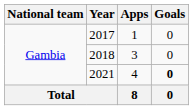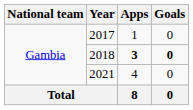 <table class="wikitable" style="text-align:center">
 <tr>
 <th>National team</th>
 <th>Year</th>
 <th>Apps</th>
 <th>Goals</th>
 </tr>
 <tr>
 <td rowspan="3"><a href='#'>Gambia</a></td>
 <td>2017</td>
 <td>1</td>
 <td>0</td>
 </tr>
 <tr>
 <td>2018</td>
-<td>3</td>
-<td>0</td>
+<td><strong>3</strong></td>
+<td><strong>0</strong></td>
 </tr>
 <tr>
 <td>2021</td>
 <td>4</td>
-<td><strong>0</strong></td>
+<td>0</td>
 </tr>
 <tr>
 <th colspan="2">Total</th>
 <th>8</th>
 <th>0</th>
 </tr>
 </table>
